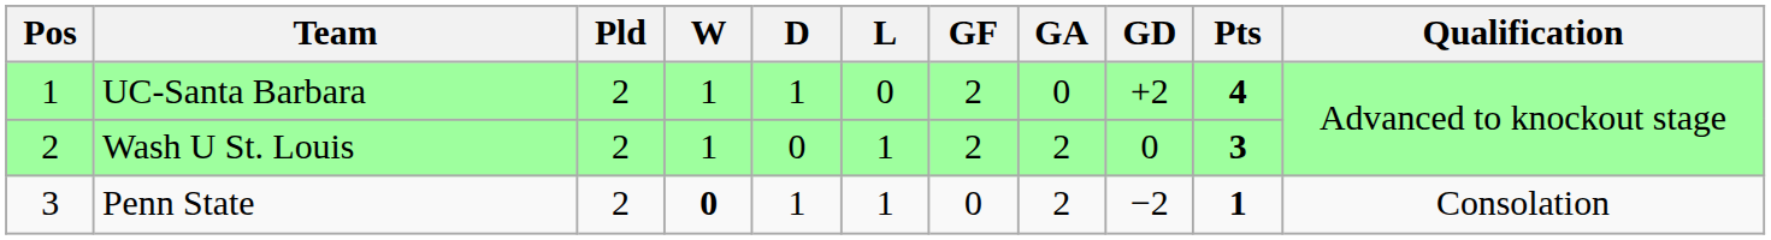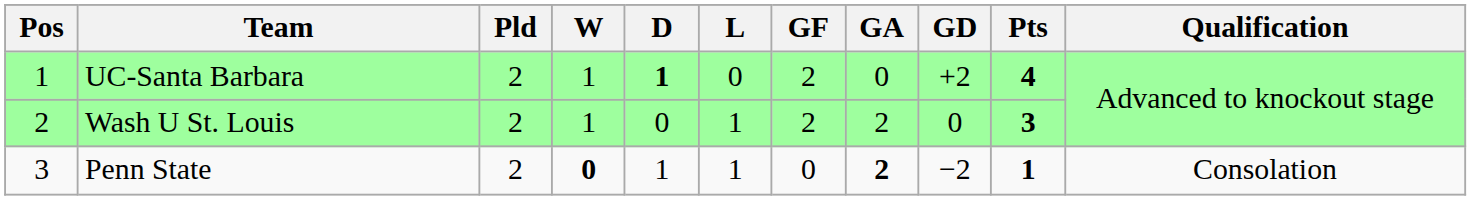 <table class="wikitable" style="text-align:center; margin: 1em auto">
 <tr>
 <th style=width:2em>Pos</th>
 <th style=width:13em>Team</th>
 <th style=width:2em>Pld</th>
 <th style=width:2em>W</th>
 <th style=width:2em>D</th>
 <th style=width:2em>L</th>
 <th style=width:2em>GF</th>
 <th style=width:2em>GA</th>
 <th style=width:2em>GD</th>
 <th style=width:2em>Pts</th>
 <th style=width:13em>Qualification</th>
 </tr>
 <tr bgcolor="#9eff9e">
 <td>1</td>
 <td style="text-align:left">UC-Santa Barbara</td>
 <td>2</td>
 <td>1</td>
-<td>1</td>
+<td><strong>1</strong></td>
 <td>0</td>
 <td>2</td>
 <td>0</td>
 <td>+2</td>
 <td><strong>4</strong></td>
 <td rowspan="2">Advanced to knockout stage</td>
 </tr>
 <tr bgcolor="#9eff9e">
 <td>2</td>
 <td style="text-align:left">Wash U St. Louis</td>
 <td>2</td>
 <td>1</td>
 <td>0</td>
 <td>1</td>
 <td>2</td>
 <td>2</td>
 <td>0</td>
 <td><strong>3</strong></td>
 </tr>
 <tr>
 <td>3</td>
 <td style="text-align:left">Penn State</td>
 <td>2</td>
 <td><strong>0</strong></td>
 <td>1</td>
 <td>1</td>
 <td>0</td>
-<td>2</td>
+<td><strong>2</strong></td>
 <td>−2</td>
 <td><strong>1</strong></td>
 <td>Consolation</td>
 </tr>
 </table>
